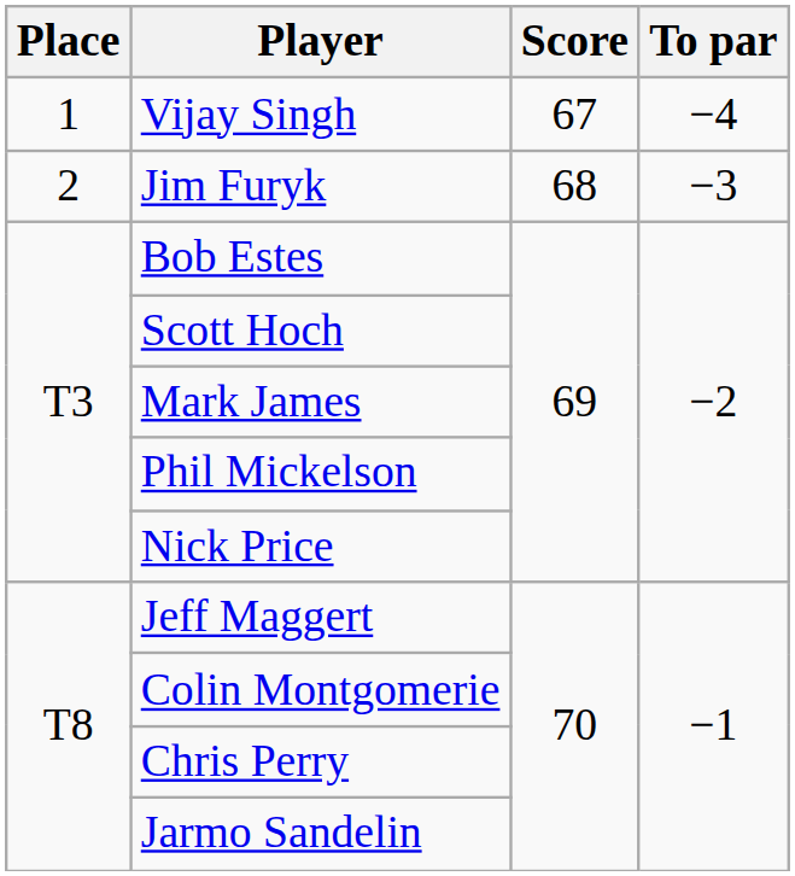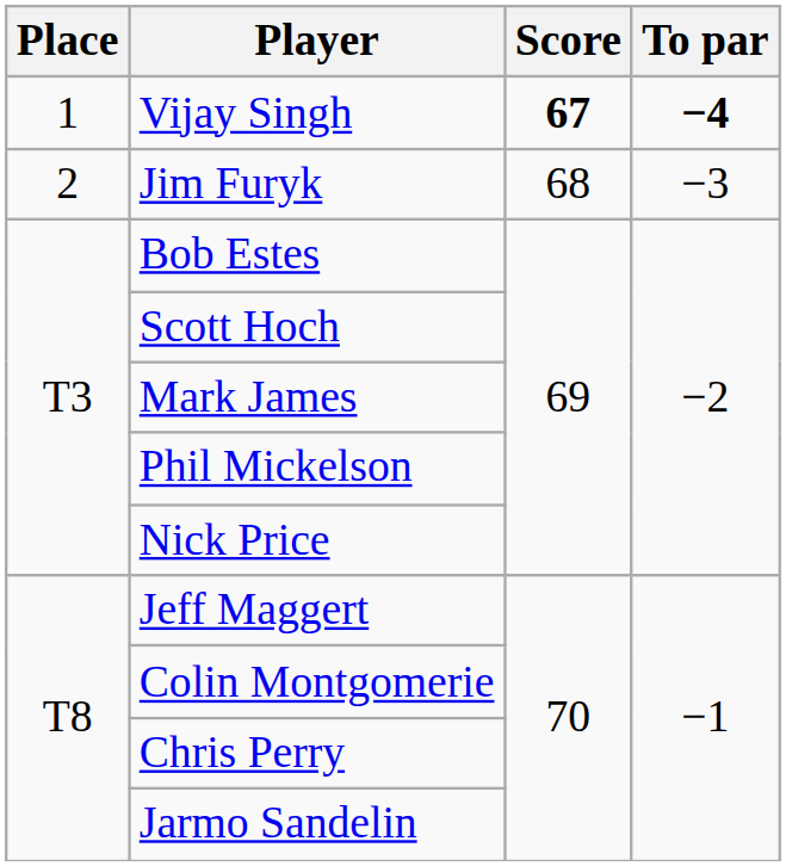 <table class="wikitable">
 <tr>
 <th>Place</th>
 <th>Player</th>
 <th>Score</th>
 <th>To par</th>
 </tr>
 <tr>
 <td align=center>1</td>
 <td> <a href='#'>Vijay Singh</a></td>
-<td align=center>67</td>
-<td align=center>−4</td>
+<td align=center><strong>67</strong></td>
+<td align=center><strong>−4</strong></td>
 </tr>
 <tr>
 <td align=center>2</td>
 <td> <a href='#'>Jim Furyk</a></td>
 <td align=center>68</td>
 <td align=center>−3</td>
 </tr>
 <tr>
 <td rowspan="5" align=center>T3</td>
 <td> <a href='#'>Bob Estes</a></td>
 <td rowspan="5" align=center>69</td>
 <td rowspan="5" align=center>−2</td>
 </tr>
 <tr>
 <td> <a href='#'>Scott Hoch</a></td>
 </tr>
 <tr>
 <td> <a href='#'>Mark James</a></td>
 </tr>
 <tr>
 <td> <a href='#'>Phil Mickelson</a></td>
 </tr>
 <tr>
 <td> <a href='#'>Nick Price</a></td>
 </tr>
 <tr>
 <td rowspan="4" align=center>T8</td>
 <td> <a href='#'>Jeff Maggert</a></td>
 <td rowspan="4" align=center>70</td>
 <td rowspan="4" align=center>−1</td>
 </tr>
 <tr>
 <td> <a href='#'>Colin Montgomerie</a></td>
 </tr>
 <tr>
 <td> <a href='#'>Chris Perry</a></td>
 </tr>
 <tr>
 <td> <a href='#'>Jarmo Sandelin</a></td>
 </tr>
 </table>
